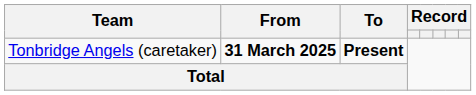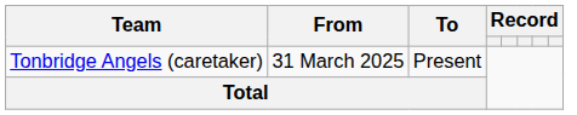 <table class=wikitable style=text-align:center>
 <tr>
 <th rowspan=2>Team</th>
 <th rowspan=2>From</th>
 <th rowspan=2>To</th>
 <th colspan=5>Record</th>
 </tr>
 <tr>
 <th></th>
 <th></th>
 <th></th>
 <th></th>
 <th></th>
 </tr>
 <tr>
 <td align=left><a href='#'>Tonbridge Angels</a> (caretaker)</td>
-<td align=left><strong>31 March 2025</strong></td>
-<td align=left><strong>Present<br></strong></td>
+<td align=left>31 March 2025</td>
+<td align=left>Present<br></td>
 </tr>
 <tr>
 <th colspan=3>Total<br></th>
 </tr>
 </table>
